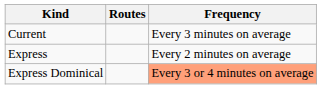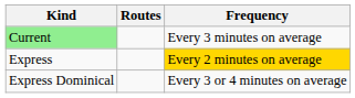 <table class="wikitable" style="margin-left: auto; margin-right: auto; border: none;">
 <tr>
 <th>Kind</th>
 <th>Routes</th>
 <th>Frequency</th>
 </tr>
 <tr>
-<td>Current</td>
+<td style="background: lightgreen;">Current</td>
 <td> </td>
 <td>Every 3 minutes on average</td>
 </tr>
 <tr>
 <td>Express</td>
 <td>   </td>
-<td>Every 2 minutes on average</td>
+<td style="background: gold;">Every 2 minutes on average</td>
 </tr>
 <tr>
 <td>Express Dominical</td>
 <td></td>
-<td style="background: lightsalmon;">Every 3 or 4 minutes on average</td>
+<td>Every 3 or 4 minutes on average</td>
 </tr>
 </table>
